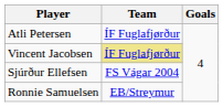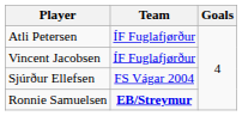 <table class="wikitable" style="text-align:center;">
 <tr>
 <th>Player</th>
 <th>Team</th>
 <th>Goals</th>
 </tr>
 <tr>
 <td align=left> Atli Petersen</td>
 <td><a href='#'>ÍF Fuglafjørður</a></td>
 <td rowspan=4>4</td>
 </tr>
 <tr>
 <td align=left> Vincent Jacobsen</td>
-<td style="background: khaki;"><a href='#'>ÍF Fuglafjørður</a></td>
+<td><a href='#'>ÍF Fuglafjørður</a></td>
 </tr>
 <tr>
 <td align=left> Sjúrður Ellefsen</td>
 <td><a href='#'>FS Vágar 2004</a></td>
 </tr>
 <tr>
 <td align=left> Ronnie Samuelsen</td>
-<td><a href='#'>EB/Streymur</a></td>
+<td><strong><a href='#'>EB/Streymur</a></strong></td>
 </tr>
 </table>
